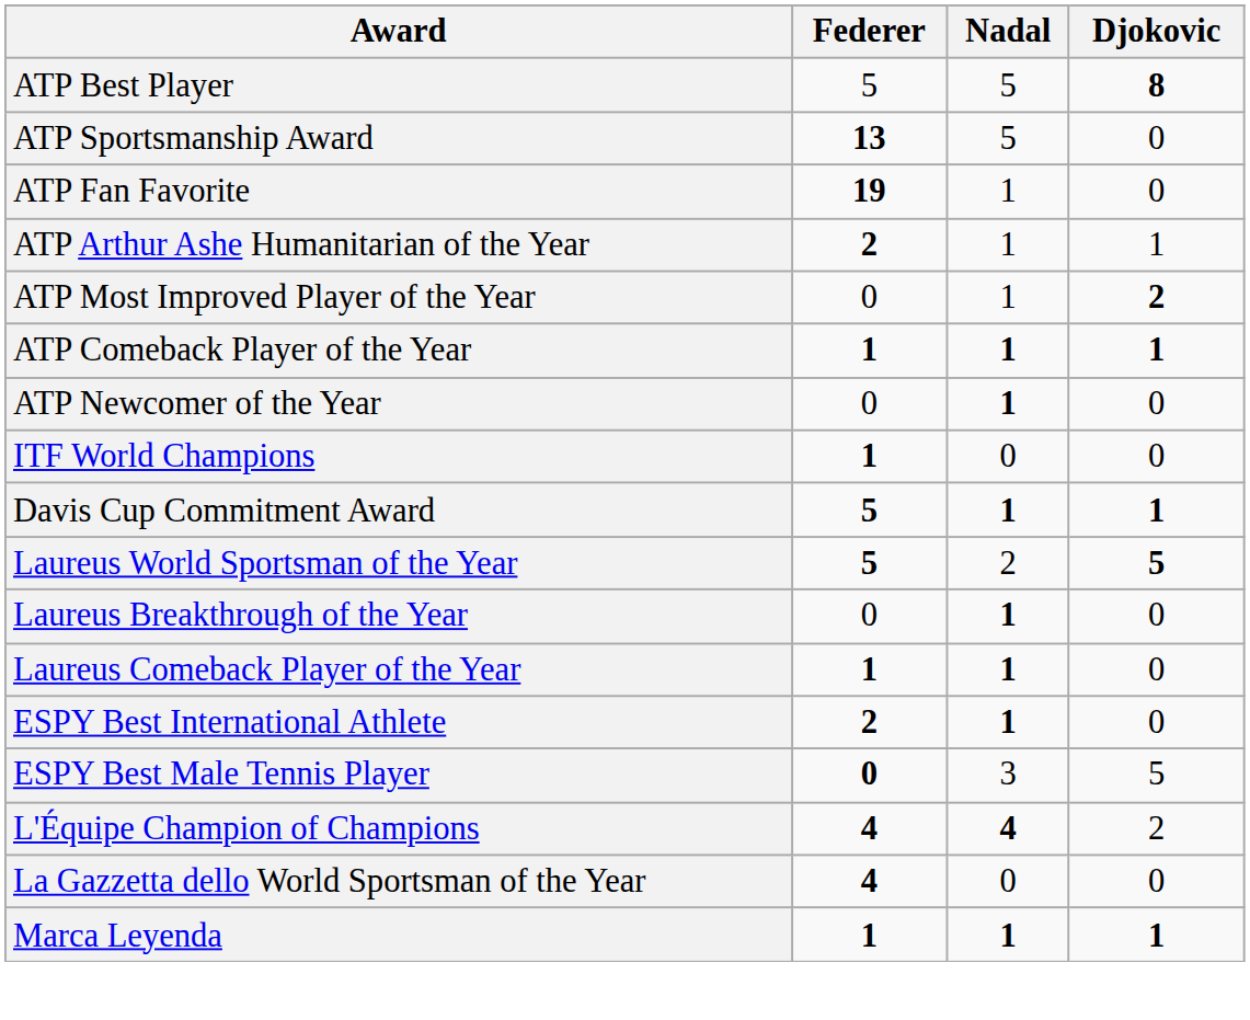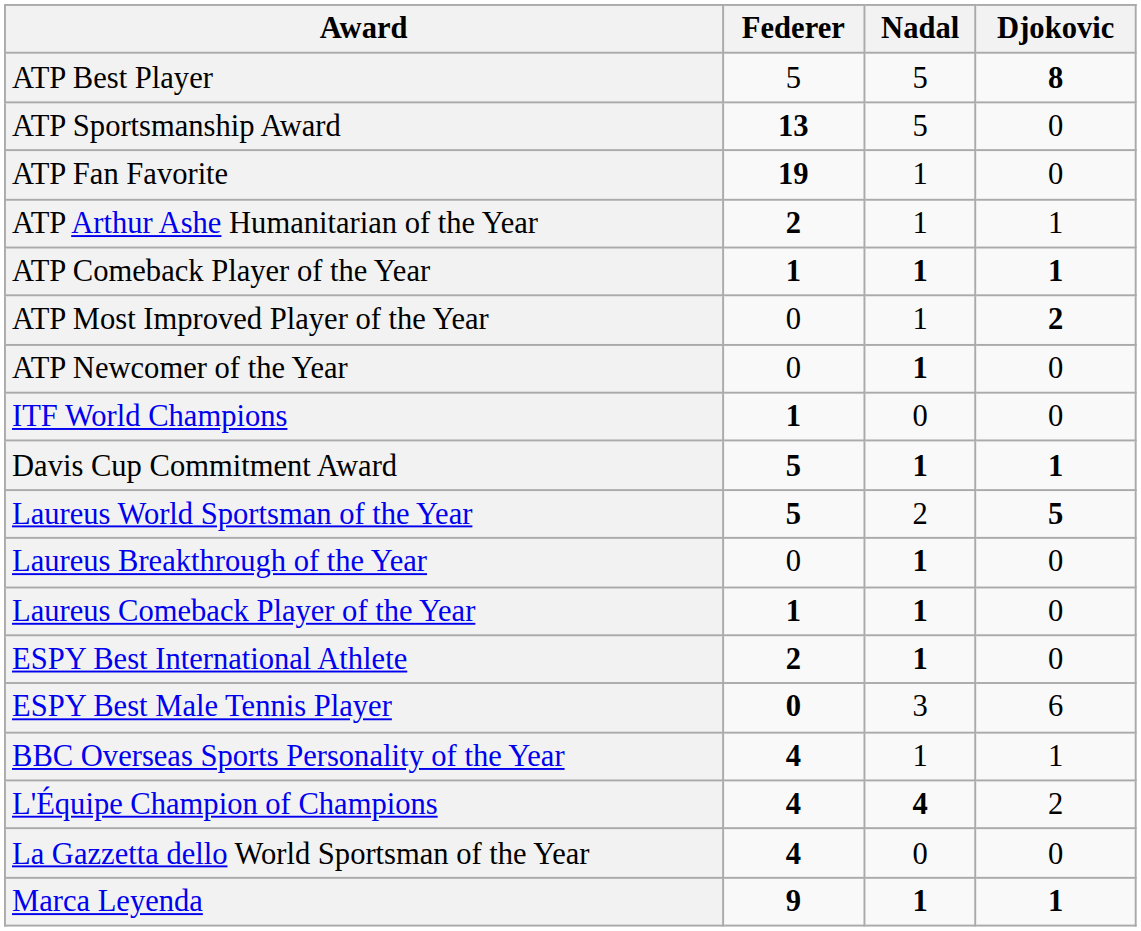 <table class=wikitable style="width:95%; vertical-align:top; text-align:center;">
 <tr>
 <th>Award</th>
 <th>Federer</th>
 <th>Nadal</th>
 <th>Djokovic</th>
 </tr>
 <tr>
 <td style="background:#F2F2F2; text-align: left;">ATP Best Player</td>
 <td>5</td>
 <td>5</td>
 <td><strong>8</strong></td>
 </tr>
 <tr>
 <td style="background:#F2F2F2; text-align: left;">ATP Sportsmanship Award</td>
 <td><strong>13</strong></td>
 <td>5</td>
 <td>0</td>
 </tr>
 <tr>
 <td style="background:#F2F2F2; text-align: left;">ATP Fan Favorite</td>
 <td><strong>19</strong></td>
 <td>1</td>
 <td>0</td>
 </tr>
 <tr>
 <td style="background:#F2F2F2; text-align: left;">ATP <a href='#'>Arthur Ashe</a> Humanitarian of the Year</td>
 <td><strong>2</strong></td>
 <td>1</td>
 <td>1</td>
 </tr>
 <tr>
+<td style="background:#F2F2F2; text-align: left;">ATP Comeback Player of the Year</td>
+<td><strong>1</strong></td>
+<td><strong>1</strong></td>
+<td><strong>1</strong></td>
+</tr>
+<tr>
 <td style="background:#F2F2F2; text-align: left;">ATP Most Improved Player of the Year</td>
 <td>0</td>
 <td>1</td>
 <td><strong>2</strong></td>
-</tr>
-<tr>
-<td style="background:#F2F2F2; text-align: left;">ATP Comeback Player of the Year</td>
-<td><strong>1</strong></td>
-<td><strong>1</strong></td>
-<td><strong>1</strong></td>
 </tr>
 <tr>
 <td style="background:#F2F2F2; text-align: left;">ATP Newcomer of the Year</td>
 <td>0</td>
 <td><strong>1</strong></td>
 <td>0</td>
 </tr>
 <tr>
 <td style="background:#F2F2F2; text-align: left;"><a href='#'>ITF World Champions</a></td>
 <td><strong>1</strong></td>
 <td>0</td>
 <td>0</td>
 </tr>
 <tr>
 <td style="background:#F2F2F2; text-align: left;">Davis Cup Commitment Award</td>
 <td><strong>5</strong></td>
 <td><strong>1</strong></td>
 <td><strong>1</strong></td>
 </tr>
 <tr>
 <td style="background:#F2F2F2; text-align: left;"><a href='#'>Laureus World Sportsman of the Year</a></td>
 <td><strong>5</strong></td>
 <td>2</td>
 <td><strong>5</strong></td>
 </tr>
 <tr>
 <td style="background:#F2F2F2; text-align: left;"><a href='#'>Laureus Breakthrough of the Year</a></td>
 <td>0</td>
 <td><strong>1</strong></td>
 <td>0</td>
 </tr>
 <tr>
 <td style="background:#F2F2F2; text-align: left;"><a href='#'>Laureus Comeback Player of the Year</a></td>
 <td><strong>1</strong></td>
 <td><strong>1</strong></td>
 <td>0</td>
 </tr>
 <tr>
 <td style="background:#F2F2F2; text-align: left;"><a href='#'>ESPY Best International Athlete</a></td>
 <td><strong>2</strong></td>
 <td><strong>1</strong></td>
 <td>0</td>
 </tr>
 <tr>
 <td style="background:#F2F2F2; text-align: left;"><a href='#'>ESPY Best Male Tennis Player</a></td>
 <td><strong>0</strong></td>
 <td>3</td>
-<td>5</td>
+<td>6</td>
+</tr>
+<tr>
+<td style="background:#F2F2F2; text-align: left;"><a href='#'>BBC Overseas Sports Personality of the Year</a></td>
+<td><strong>4</strong></td>
+<td>1</td>
+<td>1</td>
 </tr>
 <tr>
 <td style="background:#F2F2F2; text-align: left;"><a href='#'>L'Équipe Champion of Champions</a></td>
 <td><strong>4</strong></td>
 <td><strong>4</strong></td>
 <td>2</td>
 </tr>
 <tr>
 <td style="background:#F2F2F2; text-align: left;"><a href='#'>La Gazzetta dello</a> World Sportsman of the Year</td>
 <td><strong>4</strong></td>
 <td>0</td>
 <td>0</td>
 </tr>
 <tr>
 <td style="background:#F2F2F2; text-align: left;"><a href='#'>Marca Leyenda</a></td>
-<td><strong>1</strong></td>
+<td><strong>9</strong></td>
 <td><strong>1</strong></td>
 <td><strong>1</strong></td>
 </tr>
 </table>
